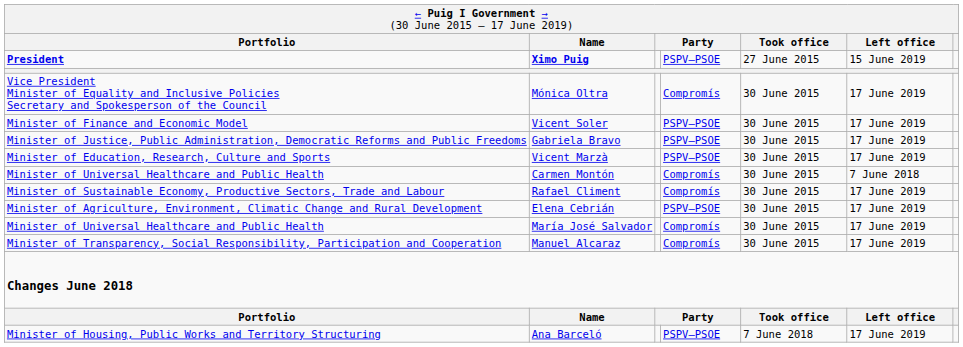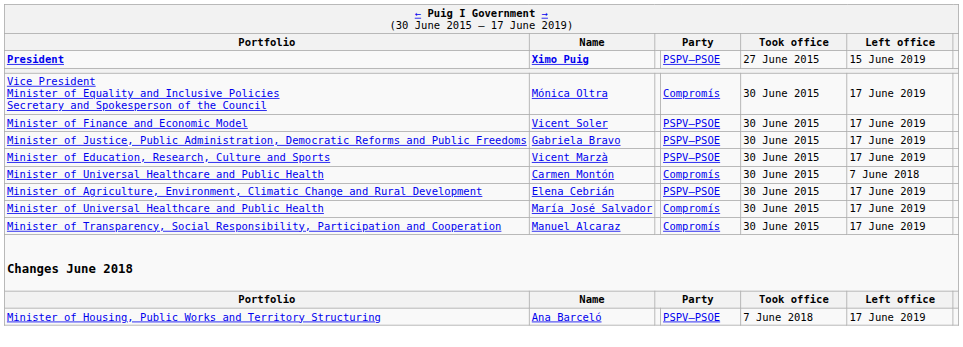 <table class="wikitable">
 <tr>
 <td colspan="7" bgcolor="#F2F2F2" align="center"><a href='#'>←</a> <strong>Puig I Government</strong> <a href='#'>→</a><br>(30 June 2015 – 17 June 2019)</td>
 </tr>
 <tr>
 <th>Portfolio</th>
 <th>Name</th>
 <th width="100px" colspan="2">Party</th>
 <th width="125px">Took office</th>
 <th width="125px">Left office</th>
 <th></th>
 </tr>
 <tr>
 <td><strong><a href='#'>President</a></strong></td>
 <td><strong><a href='#'>Ximo Puig</a></strong></td>
 <td width="1" style="background-color:"></td>
 <td><a href='#'>PSPV–PSOE</a></td>
 <td>27 June 2015</td>
 <td>15 June 2019</td>
 <td align="center"></td>
 </tr>
 <tr>
 <th colspan="7"></th>
 </tr>
 <tr>
 <td><a href='#'>Vice President</a><br><a href='#'>Minister of Equality and Inclusive Policies</a><br><a href='#'>Secretary and Spokesperson of the Council</a></td>
 <td><a href='#'>Mónica Oltra</a></td>
 <td style="background-color:"></td>
 <td><a href='#'>Compromís</a> </td>
 <td>30 June 2015</td>
 <td>17 June 2019</td>
 <td align="center"></td>
 </tr>
 <tr>
 <td><a href='#'>Minister of Finance and Economic Model</a></td>
 <td><a href='#'>Vicent Soler</a></td>
 <td style="background-color:"></td>
 <td><a href='#'>PSPV–PSOE</a></td>
 <td>30 June 2015</td>
 <td>17 June 2019</td>
 <td align="center"></td>
 </tr>
 <tr>
 <td><a href='#'>Minister of Justice, Public Administration, Democratic Reforms and Public Freedoms</a></td>
 <td><a href='#'>Gabriela Bravo</a></td>
 <td style="background-color:"></td>
 <td><a href='#'>PSPV–PSOE</a> </td>
 <td>30 June 2015</td>
 <td>17 June 2019</td>
 <td align="center"></td>
 </tr>
 <tr>
 <td><a href='#'>Minister of Education, Research, Culture and Sports</a></td>
 <td><a href='#'>Vicent Marzà</a></td>
 <td style="background-color:"></td>
 <td><a href='#'>PSPV–PSOE</a></td>
 <td>30 June 2015</td>
 <td>17 June 2019</td>
 <td align="center"></td>
 </tr>
 <tr>
 <td><a href='#'>Minister of Universal Healthcare and Public Health</a></td>
 <td><a href='#'>Carmen Montón</a></td>
 <td style="background-color:"></td>
 <td><a href='#'>Compromís</a> </td>
 <td>30 June 2015</td>
 <td>7 June 2018</td>
 <td align="center"></td>
 </tr>
 <tr>
-<td><a href='#'>Minister of Sustainable Economy, Productive Sectors, Trade and Labour</a></td>
-<td><a href='#'>Rafael Climent</a></td>
-<td style="background-color:"></td>
-<td><a href='#'>Compromís</a> </td>
-<td>30 June 2015</td>
-<td>17 June 2019</td>
-<td align="center"></td>
-</tr>
-<tr>
 <td><a href='#'>Minister of Agriculture, Environment, Climatic Change and Rural Development</a></td>
 <td><a href='#'>Elena Cebrián</a></td>
 <td style="background-color:"></td>
 <td><a href='#'>PSPV–PSOE</a> </td>
 <td>30 June 2015</td>
 <td>17 June 2019</td>
 <td align="center"></td>
 </tr>
 <tr>
 <td><a href='#'>Minister of Universal Healthcare and Public Health</a></td>
 <td><a href='#'>María José Salvador</a></td>
 <td style="background-color:"></td>
 <td><a href='#'>Compromís</a> </td>
 <td>30 June 2015</td>
 <td>17 June 2019</td>
 <td align="center"></td>
 </tr>
 <tr>
 <td><a href='#'>Minister of Transparency, Social Responsibility, Participation and Cooperation</a></td>
 <td><a href='#'>Manuel Alcaraz</a></td>
 <td style="background-color:"></td>
 <td><a href='#'>Compromís</a> </td>
 <td>30 June 2015</td>
 <td>17 June 2019</td>
 <td align="center"></td>
 </tr>
 <tr>
 <td colspan="7"><br><h3>Changes June 2018</h3></td>
 </tr>
 <tr>
 <th>Portfolio</th>
 <th>Name</th>
 <th colspan="2">Party</th>
 <th>Took office</th>
 <th>Left office</th>
 <th></th>
 </tr>
 <tr>
 <td><a href='#'>Minister of Housing, Public Works and Territory Structuring</a></td>
 <td><a href='#'>Ana Barceló</a></td>
 <td style="background-color:"></td>
 <td><a href='#'>PSPV–PSOE</a></td>
 <td>7 June 2018</td>
 <td>17 June 2019</td>
 <td align="center"></td>
 </tr>
 </table>
